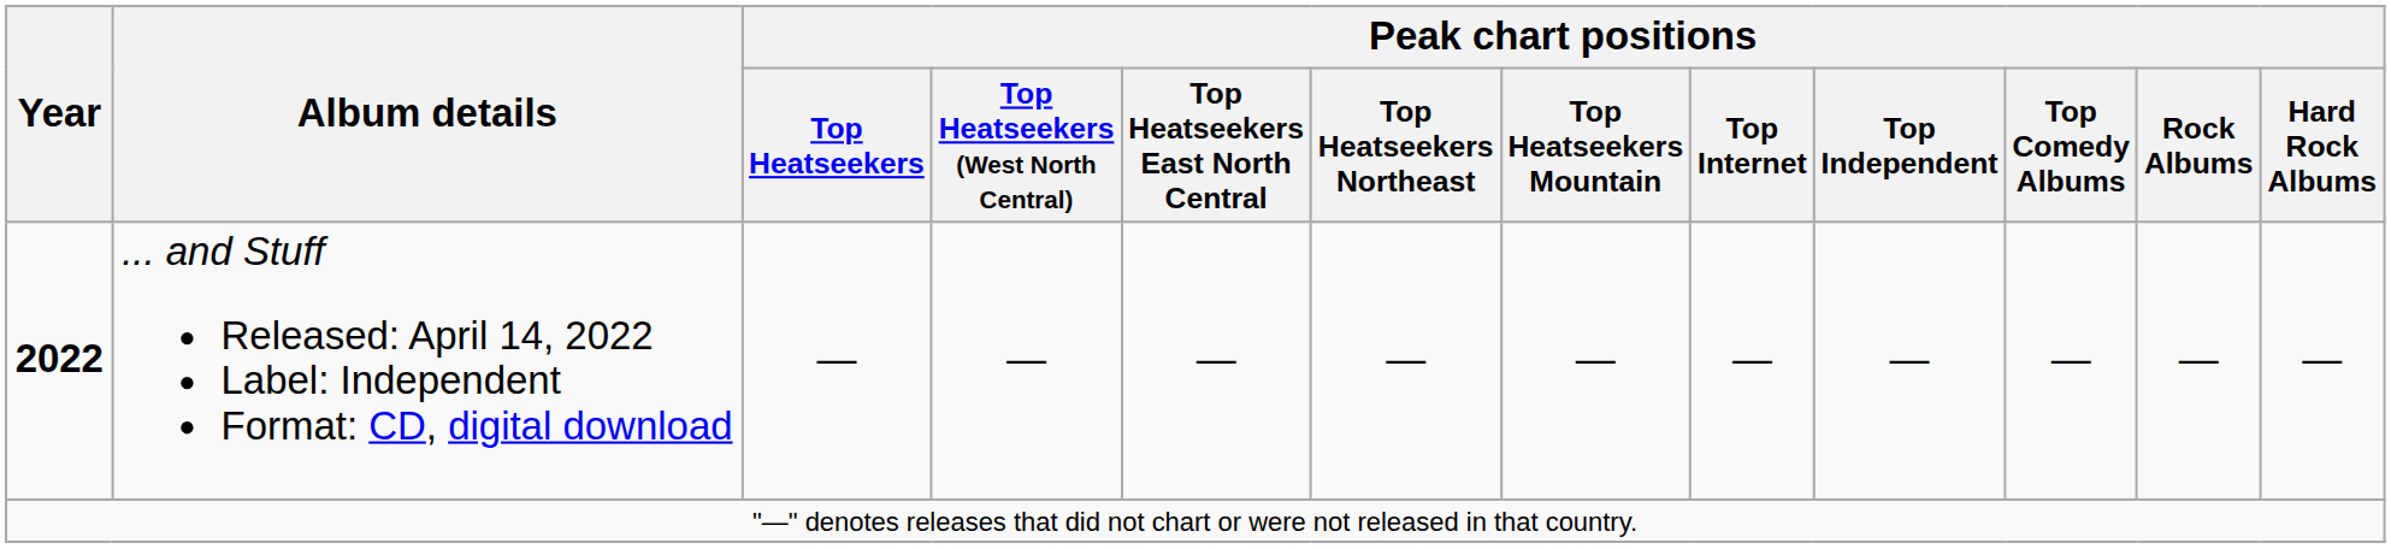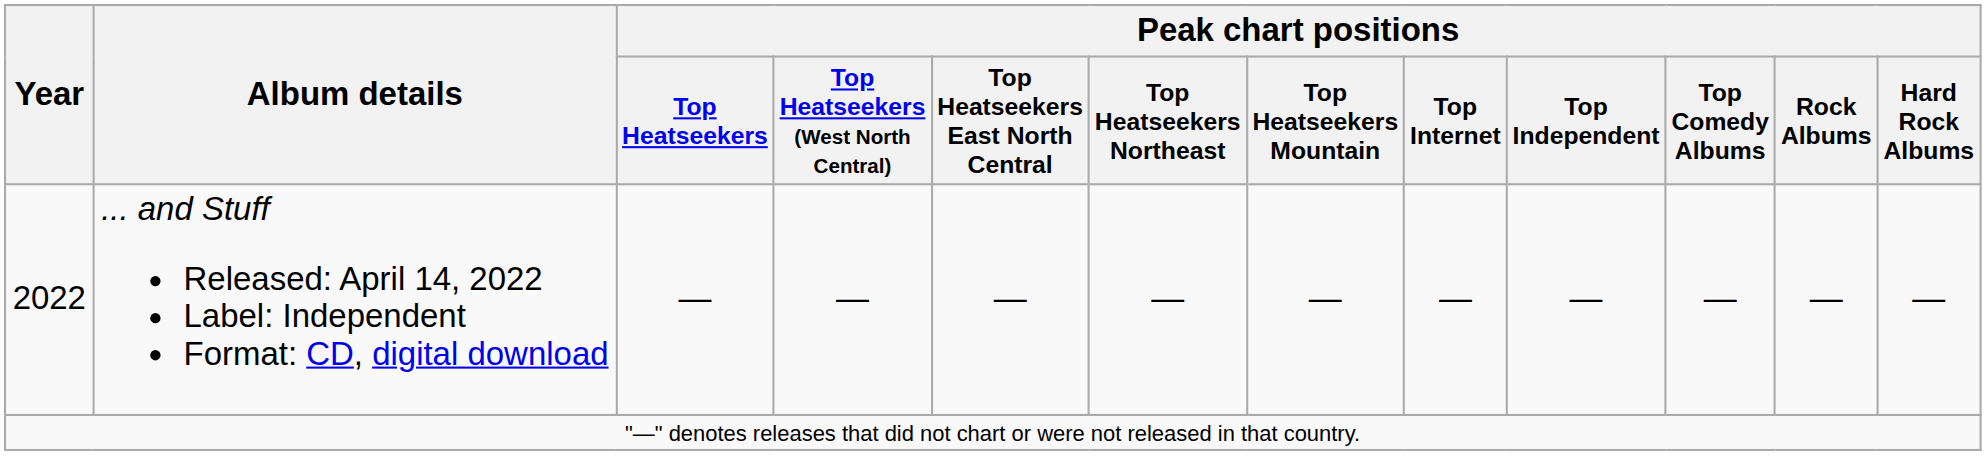 <table class="wikitable" border="1">
 <tr>
 <th rowspan="2">Year</th>
 <th rowspan="2">Album details</th>
 <th colspan="10">Peak chart positions</th>
 </tr>
 <tr>
 <th style="width:3em;font-size:75%;"><a href='#'>Top Heatseekers</a></th>
 <th style="width:3em;font-size:75%;"><a href='#'>Top Heatseekers</a> <small>(West North Central)</small></th>
 <th style="width:3em;font-size:75%;">Top Heatseekers East North Central</th>
 <th style="width:3em;font-size:75%;">Top Heatseekers Northeast</th>
 <th style="width:3em;font-size:75%;">Top Heatseekers Mountain</th>
 <th style="width:3em;font-size:75%;">Top Internet</th>
 <th style="width:3em;font-size:75%;">Top Independent</th>
 <th style="width:3em;font-size:75%;">Top Comedy Albums</th>
 <th style="width:3em;font-size:75%;">Rock Albums</th>
 <th style="width:3em;font-size:75%;">Hard Rock Albums</th>
 </tr>
 <tr>
-<td align="center"><strong>2022</strong></td>
+<td align="center">2022</td>
 <td><em>... and Stuff</em><br><ul><li>Released: April 14, 2022</li><li>Label: Independent</li><li>Format: <a href='#'>CD</a>, <a href='#'>digital download</a></li></ul></td>
 <td align="center">—</td>
 <td align="center">—</td>
 <td align="center">—</td>
 <td align="center">—</td>
 <td align="center">—</td>
 <td align="center">—</td>
 <td align="center">—</td>
 <td align="center">—</td>
 <td align="center">—</td>
 <td align="center">—</td>
 </tr>
 <tr>
 <td align="center" colspan="13" style="font-size: 8pt">"—" denotes releases that did not chart or were not released in that country.</td>
 </tr>
 </table>
